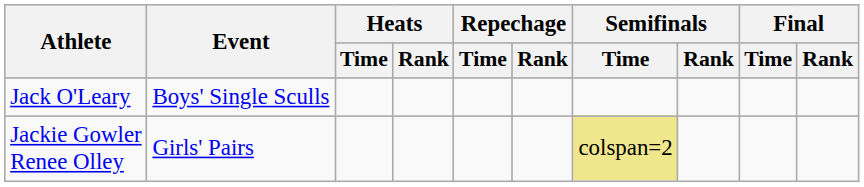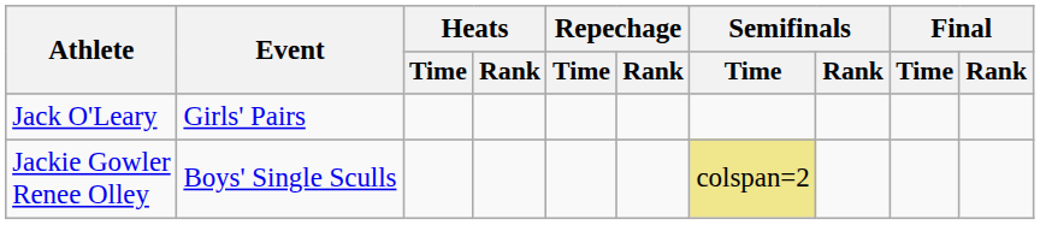 <table class="wikitable" style="font-size:90%">
 <tr>
 <th rowspan="2">Athlete</th>
 <th rowspan="2">Event</th>
 <th colspan="2">Heats</th>
 <th colspan="2">Repechage</th>
 <th colspan="2">Semifinals</th>
 <th colspan="2">Final</th>
 </tr>
 <tr style="font-size:95%">
 <th>Time</th>
 <th>Rank</th>
 <th>Time</th>
 <th>Rank</th>
 <th>Time</th>
 <th>Rank</th>
 <th>Time</th>
 <th>Rank</th>
 </tr>
 <tr align=center>
 <td align=left><a href='#'>Jack O'Leary</a></td>
-<td align=left><a href='#'>Boys' Single Sculls</a></td>
+<td align=left><a href='#'>Girls' Pairs</a></td>
 <td></td>
 <td></td>
 <td></td>
 <td></td>
 <td></td>
 <td></td>
 <td></td>
 <td></td>
 </tr>
 <tr align=center>
 <td align=left><a href='#'>Jackie Gowler</a><br><a href='#'>Renee Olley</a></td>
-<td align=left><a href='#'>Girls' Pairs</a></td>
+<td align=left><a href='#'>Boys' Single Sculls</a></td>
 <td></td>
 <td></td>
 <td></td>
 <td></td>
 <td style="background: khaki;">colspan=2 </td>
 <td></td>
 <td></td>
 </tr>
 </table>
